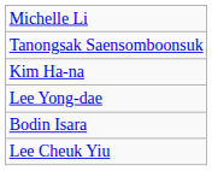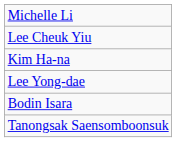 <table class="wikitable" style="text-align:left">
 <tr>
 <td> <a href='#'>Michelle Li</a></td>
 </tr>
 <tr>
-<td> <a href='#'>Tanongsak Saensomboonsuk</a></td>
+<td> <a href='#'>Lee Cheuk Yiu</a></td>
 </tr>
 <tr>
 <td> <a href='#'>Kim Ha-na</a></td>
 </tr>
 <tr>
 <td> <a href='#'>Lee Yong-dae</a></td>
 </tr>
 <tr>
 <td> <a href='#'>Bodin Isara</a></td>
 </tr>
 <tr>
-<td> <a href='#'>Lee Cheuk Yiu</a></td>
+<td> <a href='#'>Tanongsak Saensomboonsuk</a></td>
 </tr>
 </table>
